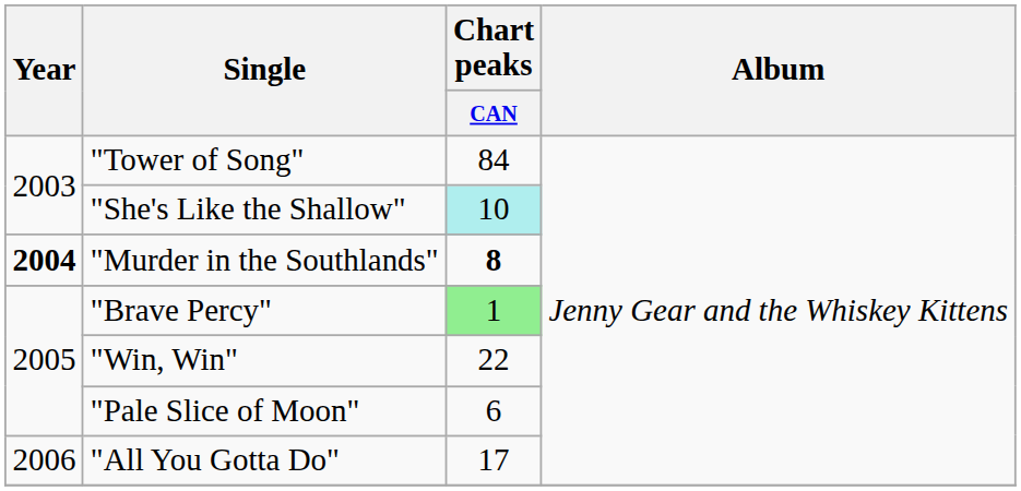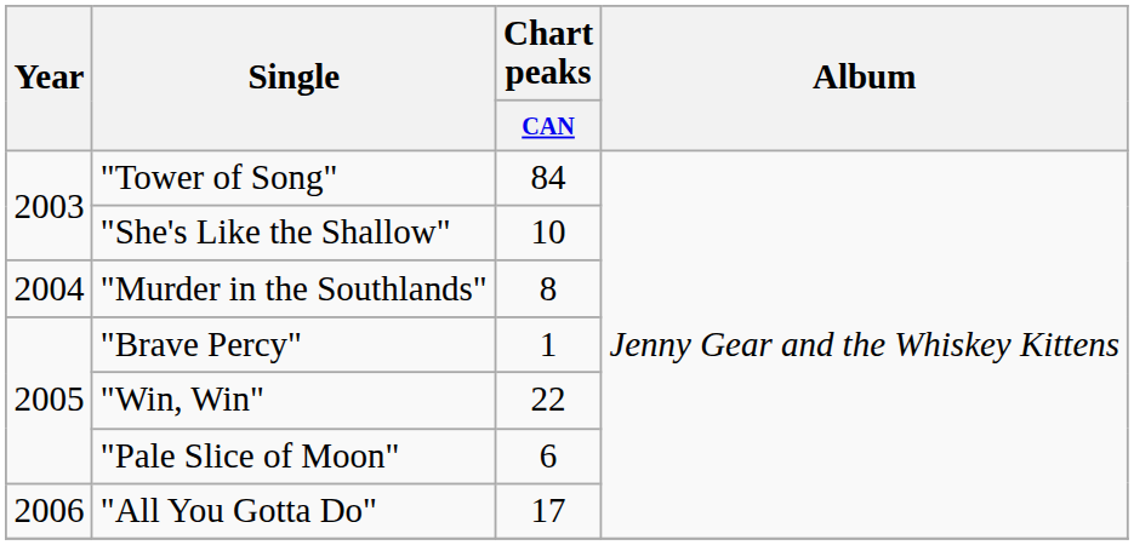 <table class="wikitable">
 <tr>
 <th rowspan="2">Year</th>
 <th rowspan="2">Single</th>
 <th colspan="1">Chart peaks</th>
 <th rowspan="2">Album</th>
 </tr>
 <tr style="font-size:smaller;">
 <th width="30"><small><a href='#'>CAN</a></small></th>
 </tr>
 <tr>
 <td rowspan="2">2003</td>
 <td>"Tower of Song"</td>
 <td align="center">84</td>
 <td rowspan="7"><em>Jenny Gear and the Whiskey Kittens</em></td>
 </tr>
 <tr>
 <td>"She's Like the Shallow"</td>
-<td align="center" style="background: paleturquoise;">10</td>
+<td align="center">10</td>
 </tr>
 <tr>
-<td><strong>2004</strong></td>
+<td>2004</td>
 <td>"Murder in the Southlands"</td>
-<td align="center"><strong>8</strong></td>
+<td align="center">8</td>
 </tr>
 <tr>
 <td rowspan="3">2005</td>
 <td>"Brave Percy"</td>
-<td align="center" style="background: lightgreen;">1</td>
+<td align="center">1</td>
 </tr>
 <tr>
 <td>"Win, Win"</td>
 <td align="center">22</td>
 </tr>
 <tr>
 <td>"Pale Slice of Moon"</td>
 <td align="center">6</td>
 </tr>
 <tr>
 <td>2006</td>
 <td>"All You Gotta Do"</td>
 <td align="center">17</td>
 </tr>
 <tr>
 </tr>
 </table>
